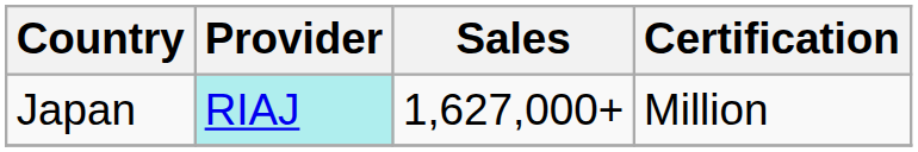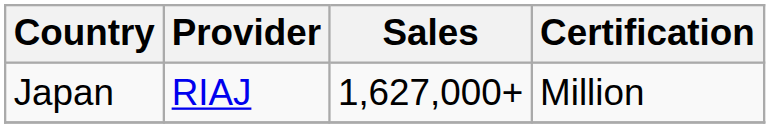 <table class="wikitable" border="1">
 <tr>
 <th>Country</th>
 <th>Provider</th>
 <th>Sales</th>
 <th>Certification</th>
 </tr>
 <tr>
 <td>Japan</td>
-<td style="background: paleturquoise;"><a href='#'>RIAJ</a></td>
+<td><a href='#'>RIAJ</a></td>
 <td>1,627,000+</td>
 <td>Million</td>
 </tr>
 <tr>
 </tr>
 </table>
